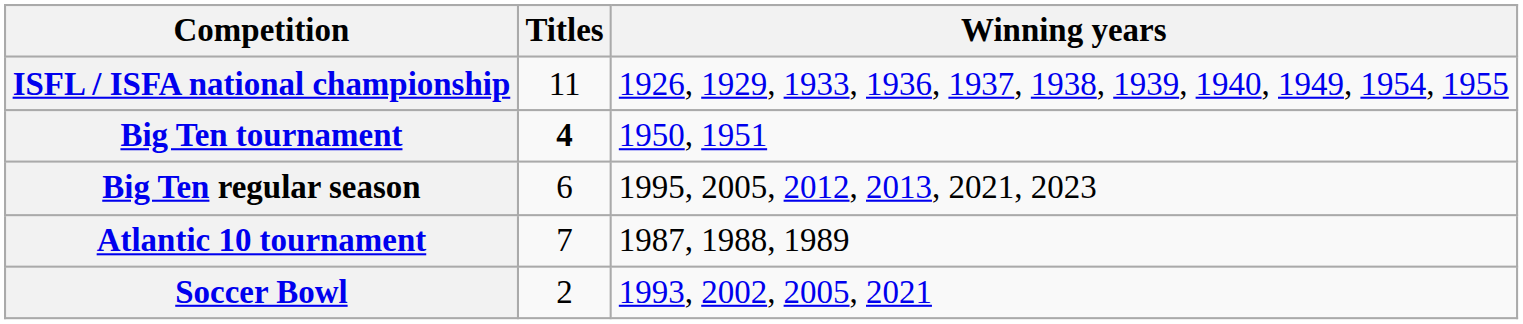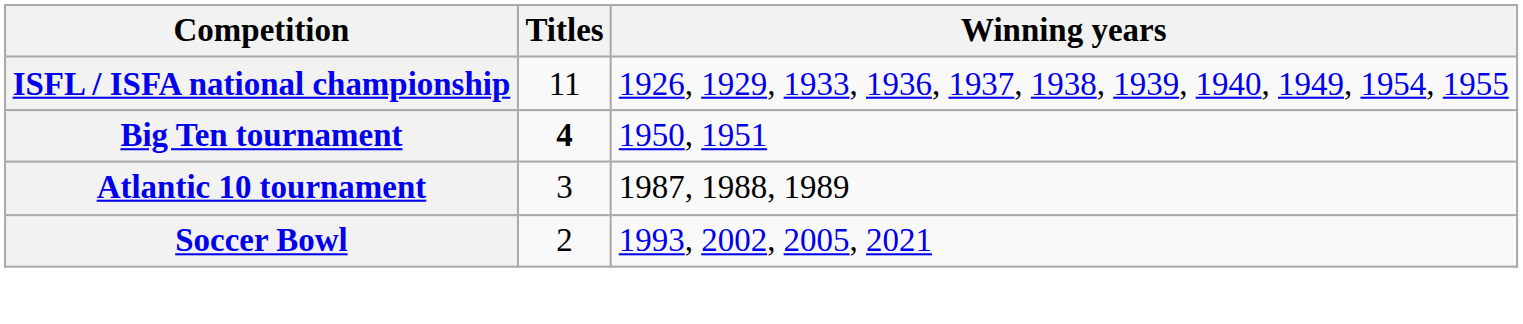 <table class="wikitable"; style= "text-align:center">
 <tr>
 <th>Competition</th>
 <th>Titles</th>
 <th>Winning years</th>
 </tr>
 <tr>
 <th><a href='#'>ISFL / ISFA national championship</a></th>
 <td>11</td>
 <td align=left><a href='#'>1926</a>, <a href='#'>1929</a>, <a href='#'>1933</a>, <a href='#'>1936</a>,  <a href='#'>1937</a>,  <a href='#'>1938</a>,  <a href='#'>1939</a>,  <a href='#'>1940</a>,  <a href='#'>1949</a>,  <a href='#'>1954</a>,  <a href='#'>1955</a></td>
 </tr>
 <tr>
 <th><a href='#'>Big Ten tournament</a></th>
 <td><strong>4</strong></td>
 <td align=left><a href='#'>1950</a>, <a href='#'>1951</a></td>
 </tr>
 <tr>
-<th><a href='#'>Big Ten</a> regular season</th>
-<td>6</td>
-<td align=left>1995, 2005, <a href='#'>2012</a>, <a href='#'>2013</a>, 2021, 2023</td>
-</tr>
-<tr>
 <th><a href='#'>Atlantic 10 tournament</a></th>
-<td>7</td>
+<td>3</td>
 <td align=left>1987, 1988, 1989</td>
 </tr>
 <tr>
 <th><a href='#'>Soccer Bowl</a></th>
 <td>2</td>
 <td align=left><a href='#'>1993</a>, <a href='#'>2002</a>, <a href='#'>2005</a>, <a href='#'>2021</a></td>
 </tr>
 </table>
